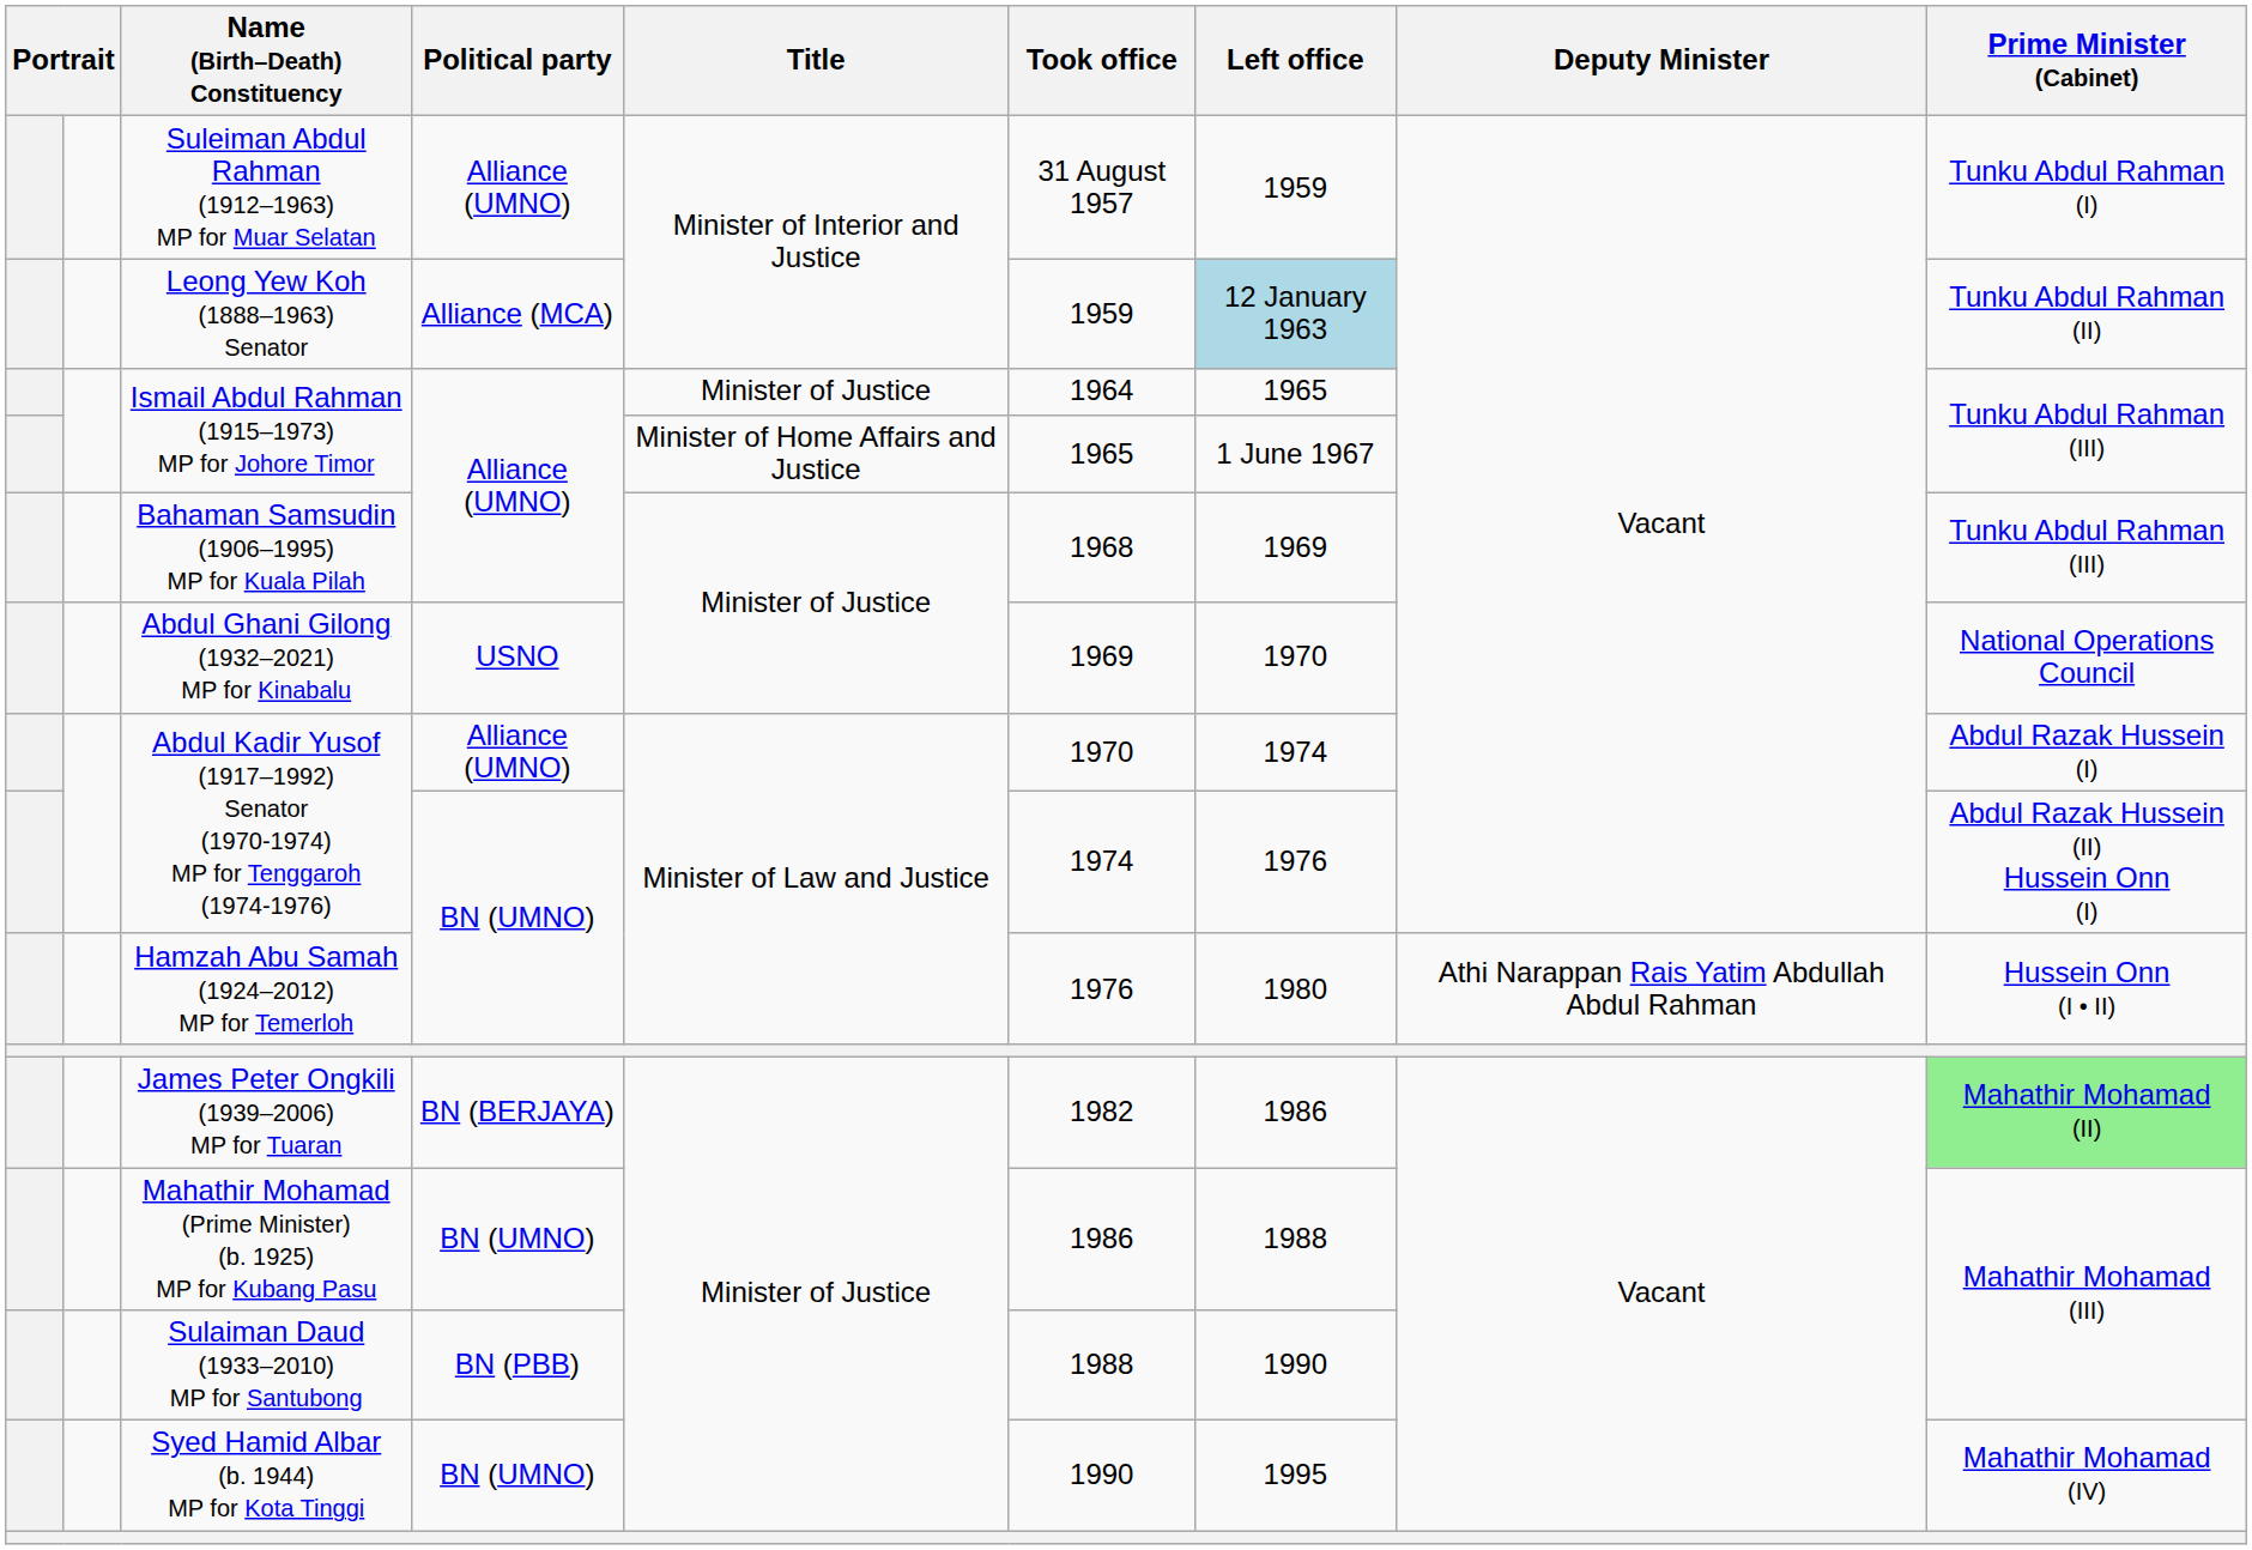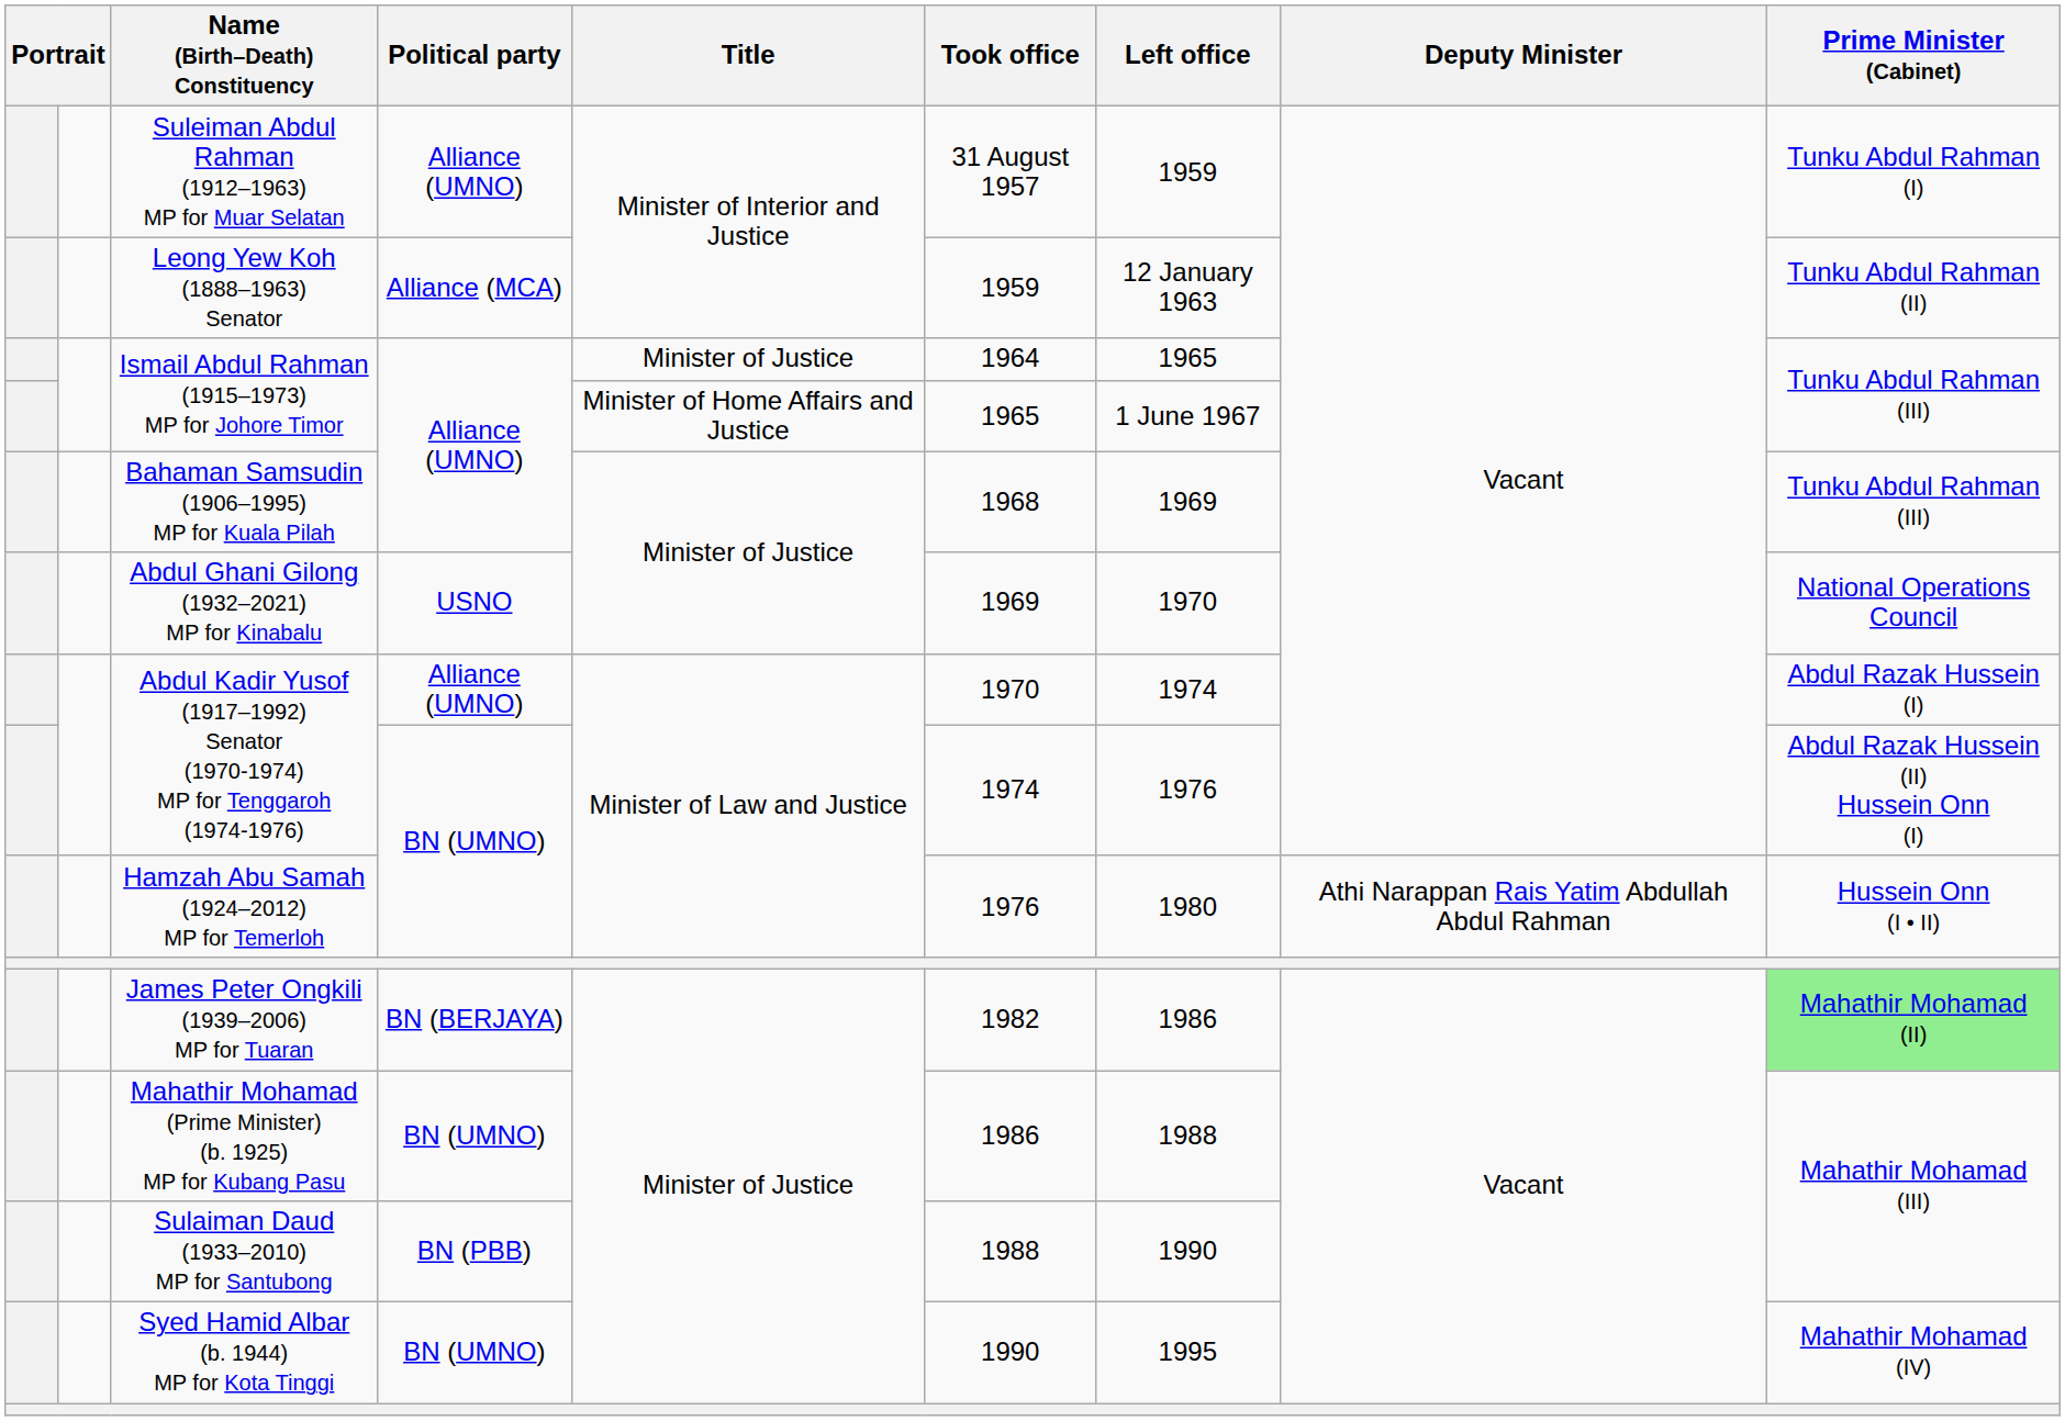 <table class="wikitable" style="text-align:center;">
 <tr>
 <th colspan=2>Portrait</th>
 <th>Name<br><small>(Birth–Death)<br>Constituency</small></th>
 <th>Political party</th>
 <th>Title</th>
 <th>Took office</th>
 <th>Left office</th>
 <th>Deputy Minister</th>
 <th><a href='#'>Prime Minister</a><br><small>(Cabinet)</small></th>
 </tr>
 <tr>
 <th style="background:"></th>
 <td></td>
 <td><a href='#'>Suleiman Abdul Rahman</a><br><small>(1912–1963)<br>MP for <a href='#'>Muar Selatan</a></small></td>
 <td><a href='#'>Alliance</a> (<a href='#'>UMNO</a>)</td>
 <td rowspan=2>Minister of Interior and Justice</td>
 <td>31 August 1957</td>
 <td>1959</td>
 <td rowspan="8">Vacant</td>
 <td><a href='#'>Tunku Abdul Rahman</a><br><small>(I)</small></td>
 </tr>
 <tr>
 <th style="background:"></th>
 <td></td>
 <td><a href='#'>Leong Yew Koh</a><br><small>(1888–1963)<br>Senator</small></td>
 <td><a href='#'>Alliance</a> (<a href='#'>MCA</a>)</td>
 <td>1959</td>
-<td style="background: lightblue;">12 January 1963</td>
+<td>12 January 1963</td>
 <td><a href='#'>Tunku Abdul Rahman</a><br><small>(II)</small></td>
 </tr>
 <tr>
 <th style="background:"></th>
 <td rowspan=2></td>
 <td rowspan=2><a href='#'>Ismail Abdul Rahman</a><br><small>(1915–1973)<br>MP for <a href='#'>Johore Timor</a></small></td>
 <td rowspan="3"><a href='#'>Alliance</a> (<a href='#'>UMNO</a>)</td>
 <td>Minister of Justice</td>
 <td>1964</td>
 <td>1965</td>
 <td rowspan=2><a href='#'>Tunku Abdul Rahman</a><br><small>(III)</small></td>
 </tr>
 <tr>
 <th style="background:"></th>
 <td>Minister of Home Affairs and Justice</td>
 <td>1965</td>
 <td>1 June 1967</td>
 </tr>
 <tr>
 <th style="background:"></th>
 <td></td>
 <td><a href='#'>Bahaman Samsudin</a><br><small>(1906–1995)<br>MP for <a href='#'>Kuala Pilah</a></small></td>
 <td rowspan=2>Minister of Justice</td>
 <td>1968</td>
 <td>1969</td>
 <td><a href='#'>Tunku Abdul Rahman</a><br><small>(III)</small></td>
 </tr>
 <tr>
 <th style="background:"></th>
 <td></td>
 <td><a href='#'>Abdul Ghani Gilong</a><br><small>(1932–2021)<br>MP for <a href='#'>Kinabalu</a></small></td>
 <td><a href='#'>USNO</a></td>
 <td>1969</td>
 <td>1970</td>
 <td><a href='#'>National Operations Council</a></td>
 </tr>
 <tr>
 <th style="background:"></th>
 <td rowspan="2"></td>
 <td rowspan="2"><a href='#'>Abdul Kadir Yusof</a><br><small>(1917–1992)<br>Senator <br> (1970-1974) <br> MP for <a href='#'>Tenggaroh</a> <br> (1974-1976)</small></td>
 <td><a href='#'>Alliance</a> (<a href='#'>UMNO</a>)</td>
 <td rowspan=3>Minister of Law and Justice</td>
 <td>1970</td>
 <td>1974</td>
 <td><a href='#'>Abdul Razak Hussein</a><br><small>(I)</small></td>
 </tr>
 <tr>
 <th style="background:"></th>
 <td rowspan="2"><a href='#'>BN</a> (<a href='#'>UMNO</a>)</td>
 <td>1974</td>
 <td>1976</td>
 <td><a href='#'>Abdul Razak Hussein</a><br><small>(II)</small><br><a href='#'>Hussein Onn</a><br><small>(I)</small></td>
 </tr>
 <tr>
 <th style="background:"></th>
 <td></td>
 <td><a href='#'>Hamzah Abu Samah</a><br><small>(1924–2012)<br>MP for <a href='#'>Temerloh</a></small></td>
 <td>1976</td>
 <td>1980</td>
 <td>Athi Narappan  <a href='#'>Rais Yatim</a>  Abdullah Abdul Rahman</td>
 <td><a href='#'>Hussein Onn</a><br><small>(I • II)</small></td>
 </tr>
 <tr>
 <th colspan="9" bgcolor="cccccc"></th>
 </tr>
 <tr>
 <th style="background:"></th>
 <td></td>
 <td><a href='#'>James Peter Ongkili</a><br><small>(1939–2006)<br>MP for <a href='#'>Tuaran</a></small></td>
 <td><a href='#'>BN</a> (<a href='#'>BERJAYA</a>)</td>
 <td rowspan="4">Minister of Justice</td>
 <td>1982</td>
 <td>1986</td>
 <td rowspan="4">Vacant</td>
 <td style="background: lightgreen;"><a href='#'>Mahathir Mohamad</a><br><small>(II)</small></td>
 </tr>
 <tr>
 <th style="background:"></th>
 <td></td>
 <td><a href='#'>Mahathir Mohamad</a><br><small>(Prime Minister) <br>(b. 1925)<br>MP for <a href='#'>Kubang Pasu</a></small></td>
 <td><a href='#'>BN</a> (<a href='#'>UMNO</a>)</td>
 <td>1986</td>
 <td>1988</td>
 <td rowspan="2"><a href='#'>Mahathir Mohamad</a><br><small>(III)</small></td>
 </tr>
 <tr>
 <th style="background:"></th>
 <td></td>
 <td><a href='#'>Sulaiman Daud</a><br><small>(1933–2010)<br>MP for <a href='#'>Santubong</a></small></td>
 <td><a href='#'>BN</a> (<a href='#'>PBB</a>)</td>
 <td>1988</td>
 <td>1990</td>
 </tr>
 <tr>
 <th style="background:"></th>
 <td></td>
 <td><a href='#'>Syed Hamid Albar</a><br><small>(b. 1944)<br>MP for <a href='#'>Kota Tinggi</a></small></td>
 <td><a href='#'>BN</a> (<a href='#'>UMNO</a>)</td>
 <td>1990</td>
 <td>1995</td>
 <td><a href='#'>Mahathir Mohamad</a><br><small>(IV)</small></td>
 </tr>
 <tr>
 <th colspan="9" bgcolor="cccccc"></th>
 </tr>
 </table>
